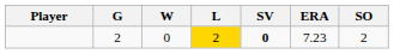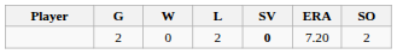 <table class="wikitable sortable">
 <tr>
 <th bgcolor="#DDDDFF" width="16%">Player</th>
 <th bgcolor="#DDDDFF" width="9%">G</th>
 <th bgcolor="#DDDDFF" width="9%">W</th>
 <th bgcolor="#DDDDFF" width="9%">L</th>
 <th bgcolor="#DDDDFF" width="9%">SV</th>
 <th bgcolor="#DDDDFF" width="9%">ERA</th>
 <th bgcolor="#DDDDFF" width="9%">SO</th>
 </tr>
 <tr align="center">
 <td></td>
 <td>2</td>
 <td>0</td>
-<td style="background: gold;">2</td>
+<td>2</td>
 <td><strong>0</strong></td>
-<td>7.23</td>
+<td>7.20</td>
 <td>2</td>
 </tr>
 </table>
